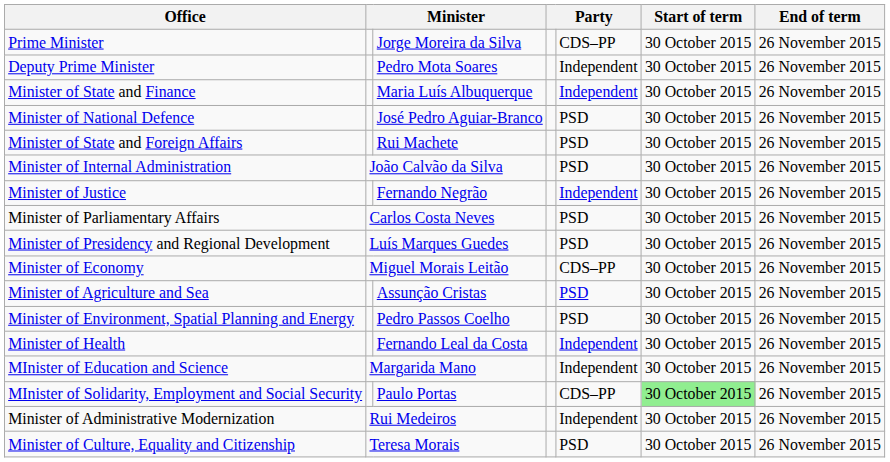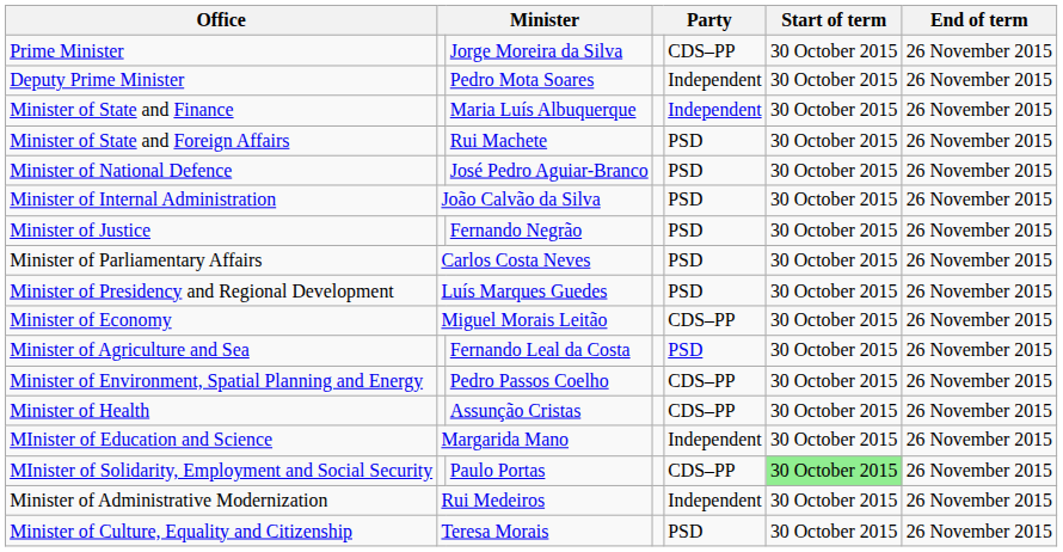 <table class="wikitable" style="font-size: 100%;">
 <tr>
 <th>Office</th>
 <th colspan="2">Minister</th>
 <th colspan="2">Party</th>
 <th>Start of term</th>
 <th>End of term</th>
 </tr>
 <tr>
 <td><a href='#'>Prime Minister</a></td>
 <td></td>
 <td><a href='#'>Jorge Moreira da Silva</a></td>
 <td style="background:"></td>
 <td>CDS–PP</td>
 <td>30 October 2015</td>
 <td>26 November 2015</td>
 </tr>
 <tr>
 <td><a href='#'>Deputy Prime Minister</a></td>
 <td></td>
 <td><a href='#'>Pedro Mota Soares</a></td>
 <td style="background:"></td>
 <td>Independent</td>
 <td>30 October 2015</td>
 <td>26 November 2015</td>
 </tr>
 <tr>
 <td><a href='#'>Minister of State</a> and <a href='#'>Finance</a></td>
 <td></td>
 <td><a href='#'>Maria Luís Albuquerque</a></td>
 <td style="background:"></td>
 <td><a href='#'>Independent</a></td>
 <td>30 October 2015</td>
 <td>26 November 2015</td>
 </tr>
 <tr>
-<td><a href='#'>Minister of National Defence</a></td>
+<td><a href='#'>Minister of State</a> and <a href='#'>Foreign Affairs</a></td>
 <td></td>
-<td><a href='#'>José Pedro Aguiar-Branco</a></td>
+<td><a href='#'>Rui Machete</a></td>
 <td style="background:"></td>
 <td>PSD</td>
 <td>30 October 2015</td>
 <td>26 November 2015</td>
 </tr>
 <tr>
-<td><a href='#'>Minister of State</a> and <a href='#'>Foreign Affairs</a></td>
+<td><a href='#'>Minister of National Defence</a></td>
 <td></td>
-<td><a href='#'>Rui Machete</a></td>
+<td><a href='#'>José Pedro Aguiar-Branco</a></td>
 <td style="background:"></td>
 <td>PSD</td>
 <td>30 October 2015</td>
 <td>26 November 2015</td>
 </tr>
 <tr>
 <td><a href='#'>Minister of Internal Administration</a></td>
 <td colspan="2"><a href='#'>João Calvão da Silva</a></td>
 <td style="background:"></td>
 <td>PSD</td>
 <td>30 October 2015</td>
 <td>26 November 2015</td>
 </tr>
 <tr>
 <td><a href='#'>Minister of Justice</a></td>
 <td></td>
 <td><a href='#'>Fernando Negrão</a></td>
 <td style="background:"></td>
-<td><a href='#'>Independent</a></td>
+<td>PSD</td>
 <td>30 October 2015</td>
 <td>26 November 2015</td>
 </tr>
 <tr>
 <td>Minister of Parliamentary Affairs</td>
 <td colspan="2"><a href='#'>Carlos Costa Neves</a></td>
 <td style="background:"></td>
 <td>PSD</td>
 <td>30 October 2015</td>
 <td>26 November 2015</td>
 </tr>
 <tr>
 <td><a href='#'>Minister of Presidency</a> and Regional Development</td>
 <td colspan="2"><a href='#'>Luís Marques Guedes</a></td>
 <td style="background:"></td>
 <td>PSD</td>
 <td>30 October 2015</td>
 <td>26 November 2015</td>
 </tr>
 <tr>
 <td><a href='#'>Minister of Economy</a></td>
 <td colspan="2"><a href='#'>Miguel Morais Leitão</a></td>
 <td style="background:"></td>
 <td>CDS–PP</td>
 <td>30 October 2015</td>
 <td>26 November 2015</td>
 </tr>
 <tr>
 <td><a href='#'>Minister of Agriculture and Sea</a></td>
 <td></td>
-<td><a href='#'>Assunção Cristas</a></td>
+<td><a href='#'>Fernando Leal da Costa</a></td>
 <td style="background:"></td>
 <td><a href='#'>PSD</a></td>
 <td>30 October 2015</td>
 <td>26 November 2015</td>
 </tr>
 <tr>
 <td><a href='#'>Minister of Environment, Spatial Planning and Energy</a></td>
 <td></td>
 <td><a href='#'>Pedro Passos Coelho</a></td>
 <td style="background:"></td>
-<td>PSD</td>
+<td>CDS–PP</td>
 <td>30 October 2015</td>
 <td>26 November 2015</td>
 </tr>
 <tr>
 <td><a href='#'>Minister of Health</a></td>
 <td></td>
-<td><a href='#'>Fernando Leal da Costa</a></td>
+<td><a href='#'>Assunção Cristas</a></td>
 <td width="2px" style="background:"></td>
-<td><a href='#'>Independent</a></td>
+<td>CDS–PP</td>
 <td>30 October 2015</td>
 <td>26 November 2015</td>
 </tr>
 <tr>
 <td><a href='#'>MInister of Education and Science</a></td>
 <td colspan="2"><a href='#'>Margarida Mano</a></td>
 <td width="2px" style="background:"></td>
 <td>Independent</td>
 <td>30 October 2015</td>
 <td>26 November 2015</td>
 </tr>
 <tr>
 <td><a href='#'>MInister of Solidarity, Employment and Social Security</a></td>
 <td></td>
 <td><a href='#'>Paulo Portas</a></td>
 <td style="background:"></td>
 <td>CDS–PP</td>
 <td style="background: lightgreen;">30 October 2015</td>
 <td>26 November 2015</td>
 </tr>
 <tr>
 <td>Minister of Administrative Modernization</td>
 <td colspan="2"><a href='#'>Rui Medeiros</a></td>
 <td width="2px" style="background:"></td>
 <td>Independent</td>
 <td>30 October 2015</td>
 <td>26 November 2015</td>
 </tr>
 <tr>
 <td><a href='#'>Minister of Culture, Equality and Citizenship</a></td>
 <td colspan="2"><a href='#'>Teresa Morais</a></td>
 <td style="background:"></td>
 <td>PSD</td>
 <td>30 October 2015</td>
 <td>26 November 2015</td>
 </tr>
 </table>
